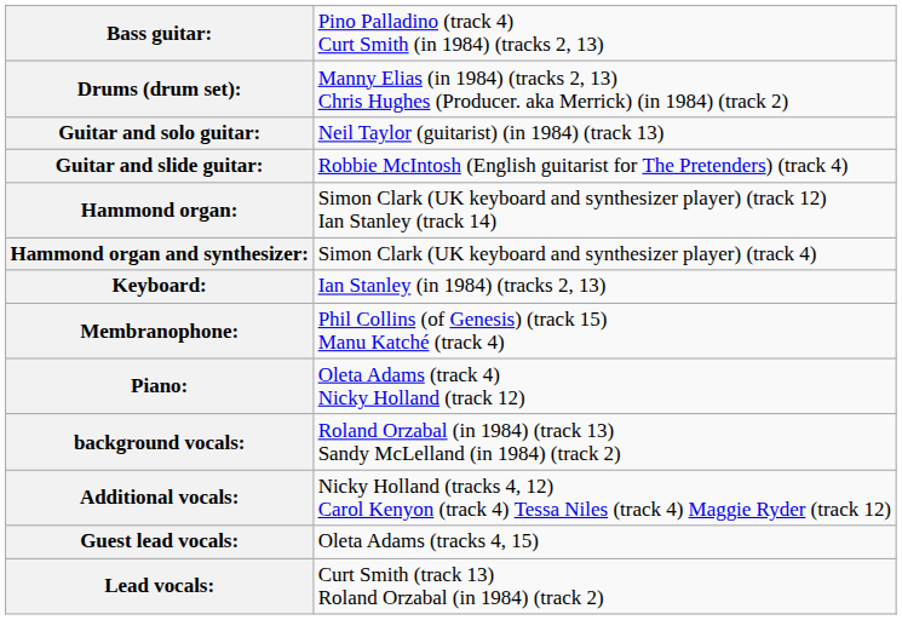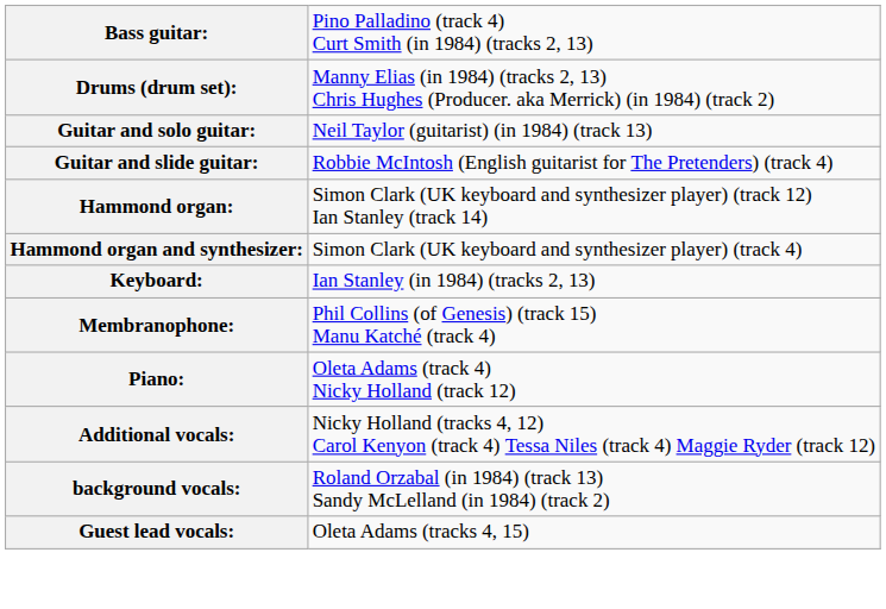 <table class="wikitable">
 <tr>
 <th>Bass guitar:</th>
 <td><bdi><a href='#'>Pino Palladino</a></bdi> (track 4)<br><bdi><a href='#'>Curt Smith</a></bdi> (in 1984) (tracks 2, 13)</td>
 </tr>
 <tr>
 <th>Drums (drum set):</th>
 <td><bdi><a href='#'>Manny Elias</a></bdi> (in 1984) (tracks 2, 13)<br><bdi><a href='#'>Chris Hughes</a></bdi> (<bdi>Producer. aka Merrick</bdi>) (in 1984) (track 2)</td>
 </tr>
 <tr>
 <th>Guitar and solo guitar:</th>
 <td><bdi><a href='#'>Neil Taylor</a></bdi> (<bdi>guitarist</bdi>) (in 1984) (track 13)</td>
 </tr>
 <tr>
 <th>Guitar and slide guitar:</th>
 <td><bdi><a href='#'>Robbie McIntosh</a></bdi> (<bdi>English guitarist for <a href='#'>The Pretenders</a></bdi>) (track 4)</td>
 </tr>
 <tr>
 <th>Hammond organ:</th>
 <td><bdi>Simon Clark</bdi> (<bdi>UK keyboard and synthesizer player</bdi>) (track 12)<br><bdi>Ian Stanley</bdi> (track 14)</td>
 </tr>
 <tr>
 <th>Hammond organ and synthesizer:</th>
 <td><bdi>Simon Clark</bdi> (<bdi>UK keyboard and synthesizer player</bdi>) (track 4)</td>
 </tr>
 <tr>
 <th>Keyboard:</th>
 <td><bdi><a href='#'>Ian Stanley</a></bdi> (in 1984) (tracks 2, 13)</td>
 </tr>
 <tr>
 <th>Membranophone:</th>
 <td><bdi><a href='#'>Phil Collins</a></bdi> (<bdi>of <a href='#'>Genesis</a></bdi>) (track 15)<br><bdi><a href='#'>Manu Katché</a></bdi> (track 4)</td>
 </tr>
 <tr>
 <th>Piano:</th>
 <td><bdi><a href='#'>Oleta Adams</a></bdi> (track 4)<br><bdi><a href='#'>Nicky Holland</a></bdi> (track 12)</td>
 </tr>
 <tr>
+<th>Additional vocals:</th>
+<td><bdi>Nicky Holland</bdi> (tracks 4, 12)<br><bdi><a href='#'>Carol Kenyon</a></bdi> (track 4) <bdi><a href='#'>Tessa Niles</a></bdi> (track 4) <bdi><a href='#'>Maggie Ryder</a></bdi> (track 12)</td>
+</tr>
+<tr>
 <th>background vocals:</th>
 <td><bdi><a href='#'>Roland Orzabal</a></bdi> (in 1984) (track 13)<br><bdi>Sandy McLelland</bdi> (in 1984) (track 2)</td>
-</tr>
-<tr>
-<th>Additional vocals:</th>
-<td><bdi>Nicky Holland</bdi> (tracks 4, 12)<br><bdi><a href='#'>Carol Kenyon</a></bdi> (track 4) <bdi><a href='#'>Tessa Niles</a></bdi> (track 4) <bdi><a href='#'>Maggie Ryder</a></bdi> (track 12)</td>
 </tr>
 <tr>
 <th>Guest lead vocals:</th>
 <td><bdi>Oleta Adams</bdi> (tracks 4, 15)</td>
 </tr>
-<tr>
-<th>Lead vocals:</th>
-<td><bdi>Curt Smith</bdi> (track 13)<br><bdi>Roland Orzabal</bdi> (in 1984) (track 2)</td>
-</tr>
 </table>
